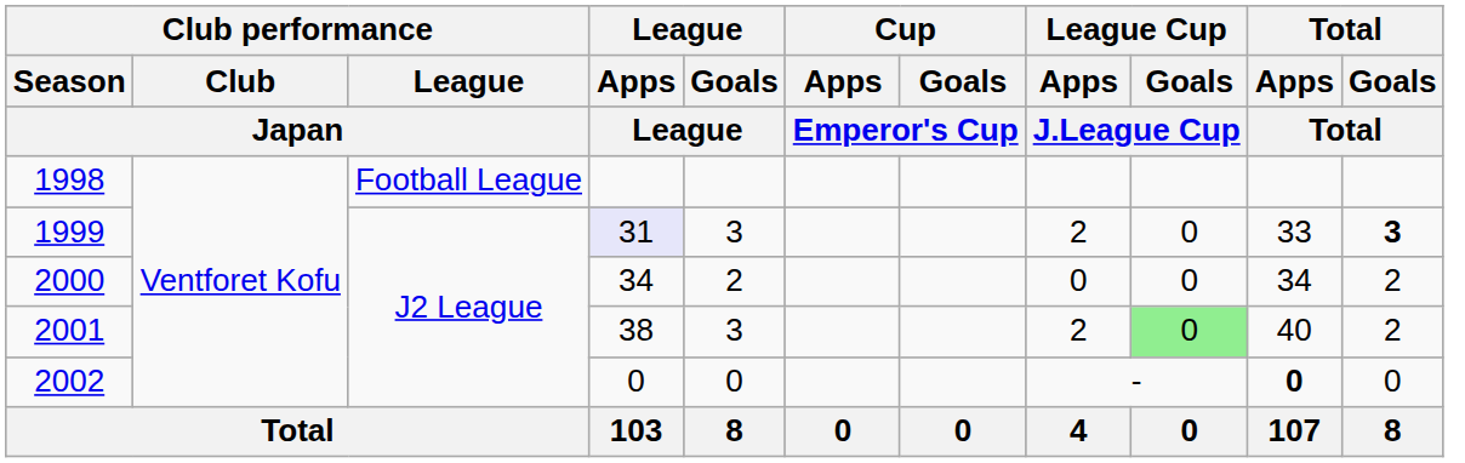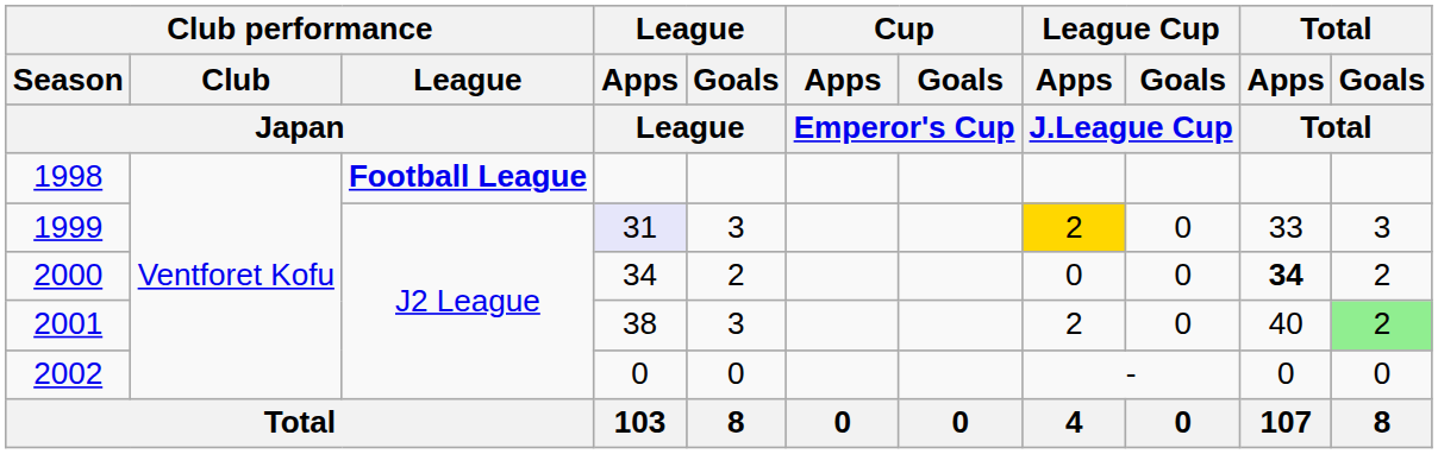 <table class="wikitable" style="text-align:center;">
 <tr>
 <th colspan=3>Club performance</th>
 <th colspan=2>League</th>
 <th colspan=2>Cup</th>
 <th colspan=2>League Cup</th>
 <th colspan=2>Total</th>
 </tr>
 <tr>
 <th>Season</th>
 <th>Club</th>
 <th>League</th>
 <th>Apps</th>
 <th>Goals</th>
 <th>Apps</th>
 <th>Goals</th>
 <th>Apps</th>
 <th>Goals</th>
 <th>Apps</th>
 <th>Goals</th>
 </tr>
 <tr>
 <th colspan=3>Japan</th>
 <th colspan=2>League</th>
 <th colspan=2><a href='#'>Emperor's Cup</a></th>
 <th colspan=2><a href='#'>J.League Cup</a></th>
 <th colspan=2>Total</th>
 </tr>
 <tr>
 <td><a href='#'>1998</a></td>
 <td rowspan="5"><a href='#'>Ventforet Kofu</a></td>
-<td><a href='#'>Football League</a></td>
+<td><strong><a href='#'>Football League</a></strong></td>
 <td></td>
 <td></td>
 <td></td>
 <td></td>
 <td></td>
 <td></td>
 <td></td>
 <td></td>
 </tr>
 <tr>
 <td><a href='#'>1999</a></td>
 <td rowspan="4"><a href='#'>J2 League</a></td>
 <td style="background: lavender;">31</td>
 <td>3</td>
 <td></td>
 <td></td>
-<td>2</td>
+<td style="background: gold;">2</td>
 <td>0</td>
 <td>33</td>
-<td><strong>3</strong></td>
+<td>3</td>
 </tr>
 <tr>
 <td><a href='#'>2000</a></td>
 <td>34</td>
 <td>2</td>
 <td></td>
 <td></td>
 <td>0</td>
 <td>0</td>
-<td>34</td>
+<td><strong>34</strong></td>
 <td>2</td>
 </tr>
 <tr>
 <td><a href='#'>2001</a></td>
 <td>38</td>
 <td>3</td>
 <td></td>
 <td></td>
 <td>2</td>
-<td style="background: lightgreen;">0</td>
+<td>0</td>
 <td>40</td>
-<td>2</td>
+<td style="background: lightgreen;">2</td>
 </tr>
 <tr>
 <td><a href='#'>2002</a></td>
 <td>0</td>
 <td>0</td>
 <td></td>
 <td></td>
 <td colspan="2">-</td>
-<td><strong>0</strong></td>
+<td>0</td>
 <td>0</td>
 </tr>
 <tr>
 <th colspan=3>Total</th>
 <th>103</th>
 <th>8</th>
 <th>0</th>
 <th>0</th>
 <th>4</th>
 <th>0</th>
 <th>107</th>
 <th>8</th>
 </tr>
 </table>
